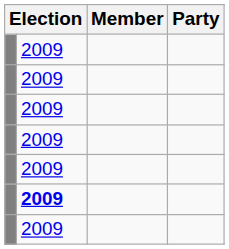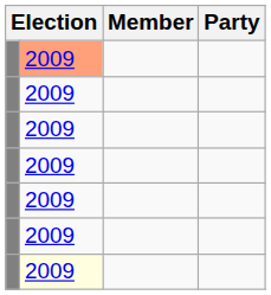 <table class="wikitable">
 <tr>
 <th colspan="2">Election</th>
 <th>Member</th>
 <th>Party</th>
+</tr>
+<tr>
+<td style="background-color: grey"></td>
+<td style="background: lightsalmon;"><a href='#'>2009</a></td>
+<td></td>
+<td></td>
 </tr>
 <tr>
 <td style="background-color: grey"></td>
 <td><a href='#'>2009</a></td>
 <td></td>
 <td></td>
 </tr>
 <tr>
 <td style="background-color: grey"></td>
 <td><a href='#'>2009</a></td>
 <td></td>
 <td></td>
 </tr>
 <tr>
 <td style="background-color: grey"></td>
 <td><a href='#'>2009</a></td>
 <td></td>
 <td></td>
 </tr>
 <tr>
 <td style="background-color: grey"></td>
 <td><a href='#'>2009</a></td>
 <td></td>
 <td></td>
 </tr>
 <tr>
 <td style="background-color: grey"></td>
 <td><a href='#'>2009</a></td>
 <td></td>
 <td></td>
 </tr>
 <tr>
 <td style="background-color: grey"></td>
-<td><strong><a href='#'>2009</a></strong></td>
-<td></td>
-<td></td>
-</tr>
-<tr>
-<td style="background-color: grey"></td>
-<td><a href='#'>2009</a></td>
+<td style="background: lightyellow;"><a href='#'>2009</a></td>
 <td></td>
 <td></td>
 </tr>
 </table>
